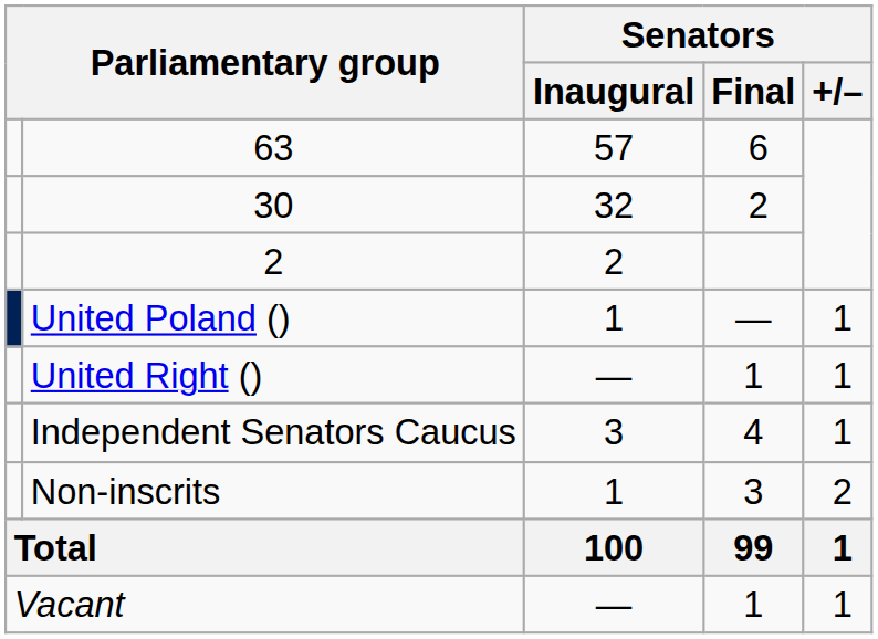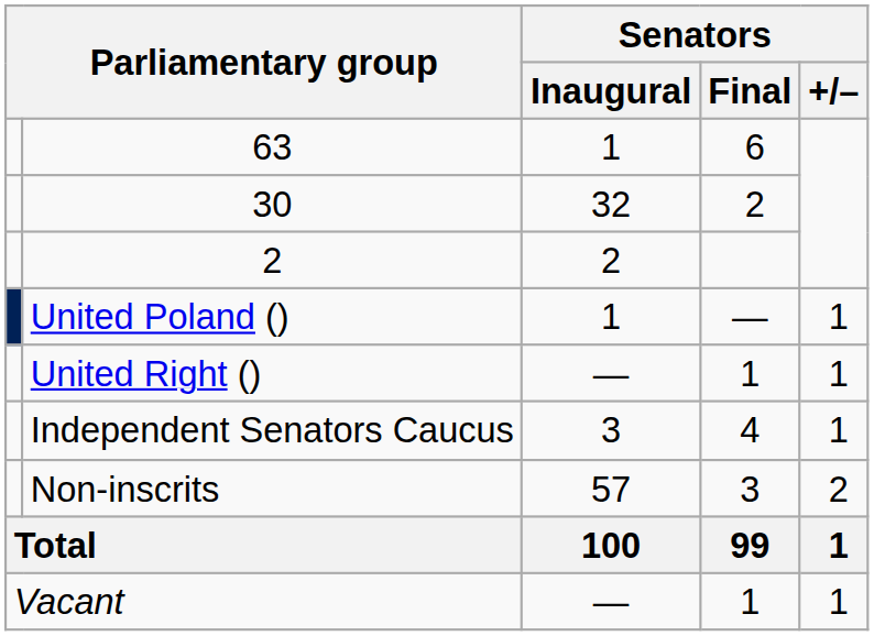 <table class="wikitable" style="font-size: 95%; text-align: center">
 <tr>
 <th colspan="2" rowspan="2">Parliamentary group</th>
 <th colspan="3">Senators</th>
 </tr>
 <tr>
 <th>Inaugural</th>
 <th>Final</th>
 <th>+/–</th>
 </tr>
 <tr>
 <td></td>
 <td>63</td>
-<td>57</td>
+<td>1</td>
 <td> 6</td>
 </tr>
 <tr>
 <td></td>
 <td>30</td>
 <td>32</td>
 <td> 2</td>
 </tr>
 <tr>
 <td></td>
 <td>2</td>
 <td>2</td>
 <td></td>
 </tr>
 <tr>
 <td style="background-color: #002156;"></td>
 <td style="text-align:left;"><a href='#'>United Poland</a> ()</td>
 <td>1</td>
 <td>—</td>
 <td> 1</td>
 </tr>
 <tr>
 <td></td>
 <td style="text-align:left;"><a href='#'>United Right</a> ()</td>
 <td>—</td>
 <td>1</td>
 <td> 1</td>
 </tr>
 <tr>
 <td></td>
 <td style="text-align:left;">Independent Senators Caucus</td>
 <td>3</td>
 <td>4</td>
 <td> 1</td>
 </tr>
 <tr>
 <td></td>
 <td style="text-align:left;">Non-inscrits</td>
-<td>1</td>
+<td>57</td>
 <td>3</td>
 <td> 2</td>
 </tr>
 <tr>
 <th colspan="2" style="text-align:left;">Total</th>
 <th>100</th>
 <th>99</th>
 <th> 1</th>
 </tr>
 <tr>
 <td colspan="2" style="text-align:left;"><em>Vacant</em></td>
 <td>—</td>
 <td>1</td>
 <td> 1</td>
 </tr>
 </table>
